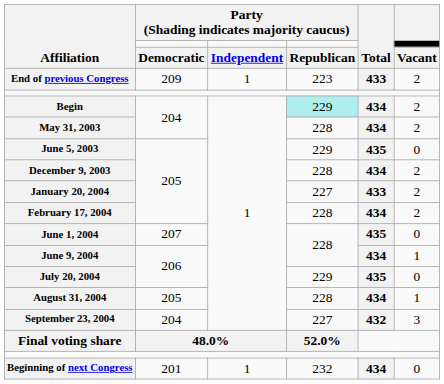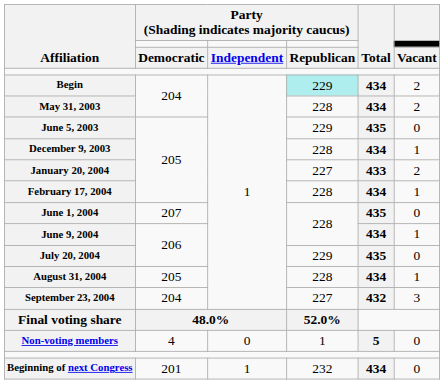 <table class=wikitable style="text-align:center">
 <tr style="vertical-align:bottom;">
 <th rowspan=3>Affiliation</th>
 <th colspan=3>Party <div>(Shading indicates majority caucus)</div></th>
 <th rowspan=3>Total</th>
 <th></th>
 </tr>
 <tr style="height:5px">
 <td style="background-color:"></td>
 <td style="background-color:"></td>
 <td style="background-color:"></td>
 <td style="background-color:black"></td>
 </tr>
 <tr>
 <th>Democratic</th>
 <th><a href='#'>Independent</a></th>
 <th>Republican</th>
 <th>Vacant</th>
-</tr>
-<tr>
-<th nowrap style="font-size:80%">End of <a href='#'>previous Congress</a></th>
-<td>209</td>
-<td>1</td>
-<td>223</td>
-<th>433</th>
-<td>2</td>
 </tr>
 <tr>
 <td colspan=6></td>
 </tr>
 <tr>
 <th nowrap style=font-size:80%>Begin</th>
 <td rowspan=2>204</td>
 <td rowspan=11>1</td>
 <td style="background: paleturquoise;">229</td>
 <th>434</th>
 <td>2</td>
 </tr>
 <tr>
 <th nowrap style=font-size:80%>May 31, 2003</th>
 <td>228</td>
 <th>434</th>
 <td>2</td>
 </tr>
 <tr>
 <th nowrap style=font-size:80%>June 5, 2003</th>
 <td rowspan=4>205</td>
 <td>229</td>
 <th>435</th>
 <td>0</td>
 </tr>
 <tr>
 <th nowrap style=font-size:80%>December 9, 2003</th>
 <td>228</td>
 <th>434</th>
-<td>2</td>
+<td>1</td>
 </tr>
 <tr>
 <th nowrap style=font-size:80%>January 20, 2004</th>
 <td>227</td>
 <th>433</th>
 <td>2</td>
 </tr>
 <tr>
 <th nowrap style=font-size:80%>February 17, 2004</th>
 <td>228</td>
 <th>434</th>
-<td>2</td>
+<td>1</td>
 </tr>
 <tr>
 <th nowrap style=font-size:80%>June 1, 2004</th>
 <td>207</td>
 <td rowspan=2 >228</td>
 <th>435</th>
 <td>0</td>
 </tr>
 <tr>
 <th nowrap style=font-size:80%>June 9, 2004</th>
 <td rowspan=2>206</td>
 <th>434</th>
 <td>1</td>
 </tr>
 <tr>
 <th nowrap style=font-size:80%>July 20, 2004</th>
 <td>229</td>
 <th>435</th>
 <td>0</td>
 </tr>
 <tr>
 <th nowrap style=font-size:80%>August 31, 2004</th>
 <td>205</td>
 <td>228</td>
 <th>434</th>
 <td>1</td>
 </tr>
 <tr>
 <th nowrap style=font-size:80%>September 23, 2004</th>
 <td>204</td>
 <td>227</td>
 <th>432</th>
 <td>3</td>
 </tr>
 <tr>
 <th>Final voting share</th>
 <th colspan=2>48.0%</th>
 <th>52.0% </th>
 <td colspan=2></td>
 </tr>
 <tr>
+<th style=font-size:80%><a href='#'>Non-voting members</a></th>
+<td>4</td>
+<td>0</td>
+<td>1</td>
+<th>5</th>
+<td>0</td>
+</tr>
+<tr>
 <td colspan=6></td>
 </tr>
 <tr>
 <th nowrap style="font-size:80%">Beginning of <a href='#'>next Congress</a></th>
 <td>201</td>
 <td>1</td>
 <td>232</td>
 <th>434</th>
 <td>0</td>
 </tr>
 </table>
